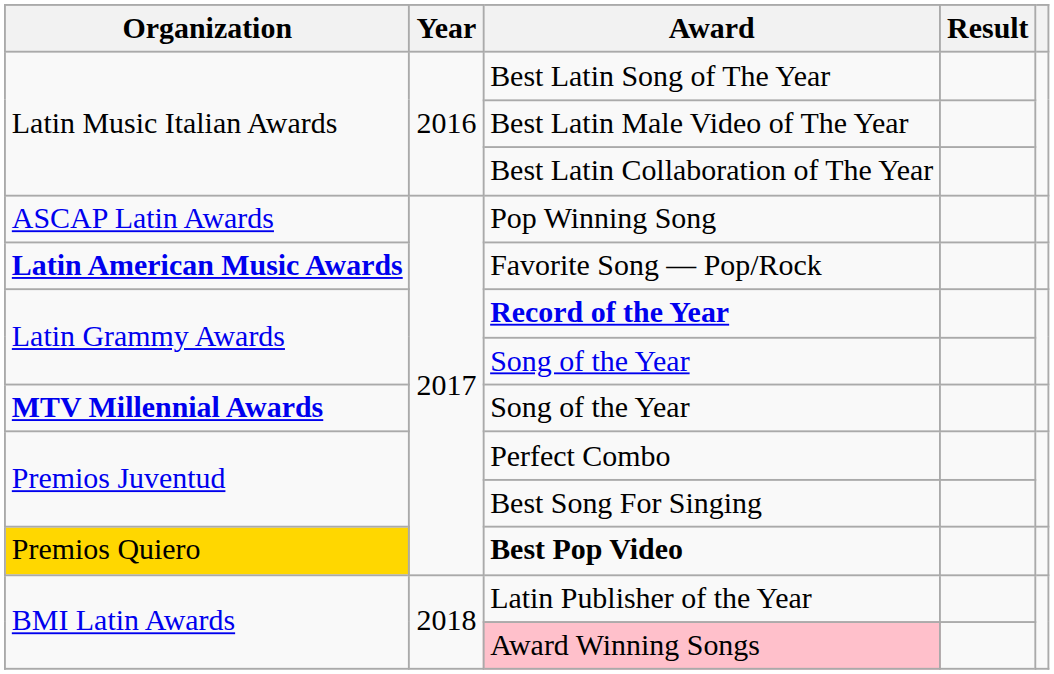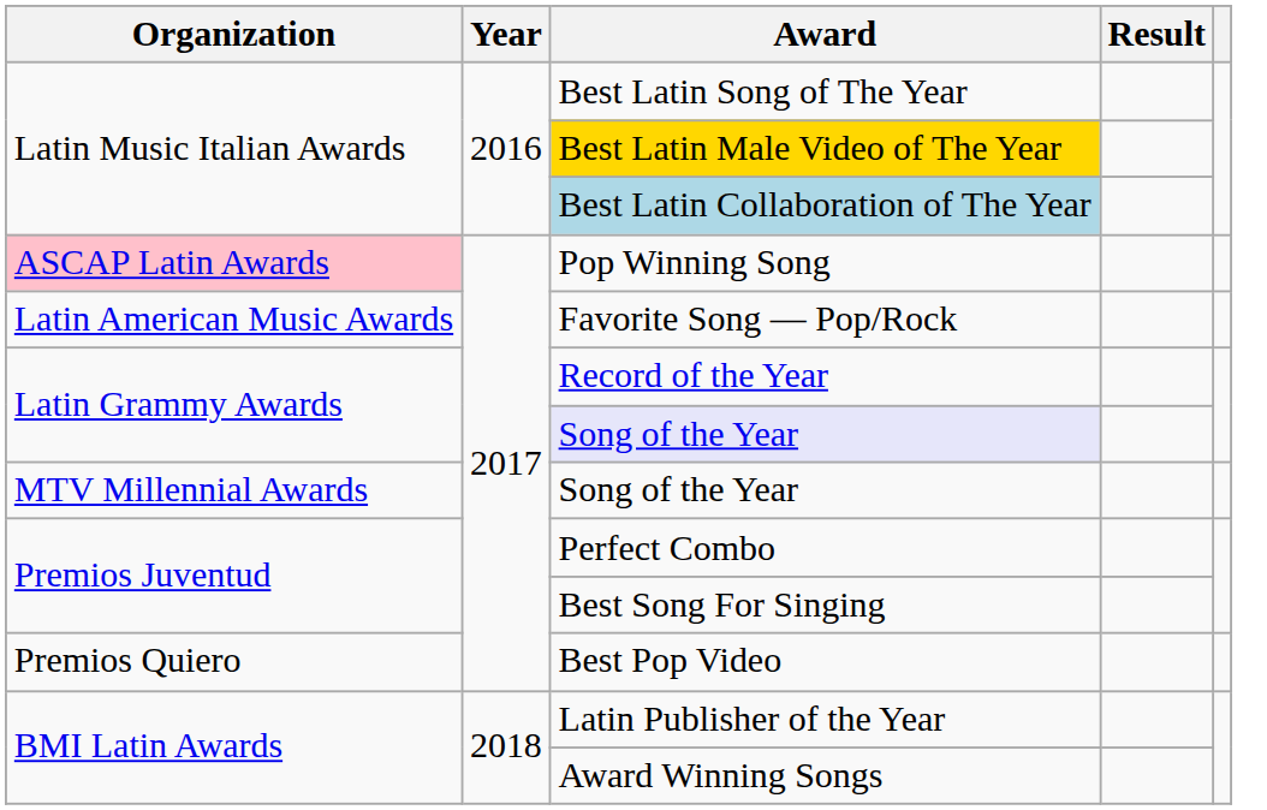 <table class="wikitable sortable plainrowheaders">
 <tr>
 <th scope="col">Organization</th>
 <th scope="col">Year</th>
 <th scope="col">Award</th>
 <th scope="col">Result</th>
 <th class="unsortable"></th>
 </tr>
 <tr>
 <td rowspan="3">Latin Music Italian Awards</td>
 <td rowspan=3>2016</td>
 <td>Best Latin Song of The Year</td>
 <td></td>
 <td rowspan="3" align="center"></td>
 </tr>
 <tr>
-<td>Best Latin Male Video of The Year</td>
+<td style="background: gold;">Best Latin Male Video of The Year</td>
 <td></td>
 </tr>
 <tr>
-<td>Best Latin Collaboration of The Year</td>
+<td style="background: lightblue;">Best Latin Collaboration of The Year</td>
 <td></td>
 </tr>
 <tr>
-<td><a href='#'>ASCAP Latin Awards</a></td>
+<td style="background: pink;"><a href='#'>ASCAP Latin Awards</a></td>
 <td rowspan="8">2017</td>
 <td>Pop Winning Song</td>
 <td></td>
 <td align="center"></td>
 </tr>
 <tr>
-<td><strong><a href='#'>Latin American Music Awards</a></strong></td>
+<td><a href='#'>Latin American Music Awards</a></td>
 <td>Favorite Song — Pop/Rock</td>
 <td></td>
 <td align="center"></td>
 </tr>
 <tr>
 <td rowspan="2"><a href='#'>Latin Grammy Awards</a></td>
-<td><strong><a href='#'>Record of the Year</a></strong></td>
+<td><a href='#'>Record of the Year</a></td>
 <td></td>
 <td rowspan="2" align="center"></td>
 </tr>
 <tr>
-<td><a href='#'>Song of the Year</a></td>
+<td style="background: lavender;"><a href='#'>Song of the Year</a></td>
 <td></td>
 </tr>
 <tr>
-<td><strong><a href='#'>MTV Millennial Awards</a></strong></td>
+<td><a href='#'>MTV Millennial Awards</a></td>
 <td>Song of the Year</td>
 <td></td>
 <td align="center"></td>
 </tr>
 <tr>
 <td rowspan="2"><a href='#'>Premios Juventud</a></td>
 <td>Perfect Combo</td>
 <td></td>
 <td rowspan="2" align="center"></td>
 </tr>
 <tr>
 <td>Best Song For Singing</td>
 <td></td>
 </tr>
 <tr>
-<td style="background: gold;">Premios Quiero</td>
-<td><strong>Best Pop Video</strong></td>
+<td>Premios Quiero</td>
+<td>Best Pop Video</td>
 <td></td>
 <td align="center"></td>
 </tr>
 <tr>
 <td rowspan="2"><a href='#'>BMI Latin Awards</a></td>
 <td rowspan=2>2018</td>
 <td>Latin Publisher of the Year</td>
 <td></td>
 <td rowspan="2" align="center"></td>
 </tr>
 <tr>
-<td style="background: pink;">Award Winning Songs</td>
+<td>Award Winning Songs</td>
 <td></td>
 </tr>
 </table>
